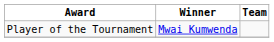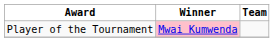 <table class="wikitable collapsible">
 <tr>
 <th style="background:white;">Award</th>
 <th style="background:white;">Winner</th>
 <th style="background:white;">Team</th>
 </tr>
 <tr>
 <td>Player of the Tournament</td>
-<td><a href='#'>Mwai Kumwenda</a></td>
+<td style="background: pink;"><a href='#'>Mwai Kumwenda</a></td>
 <td></td>
 </tr>
 <tr>
 </tr>
 </table>
